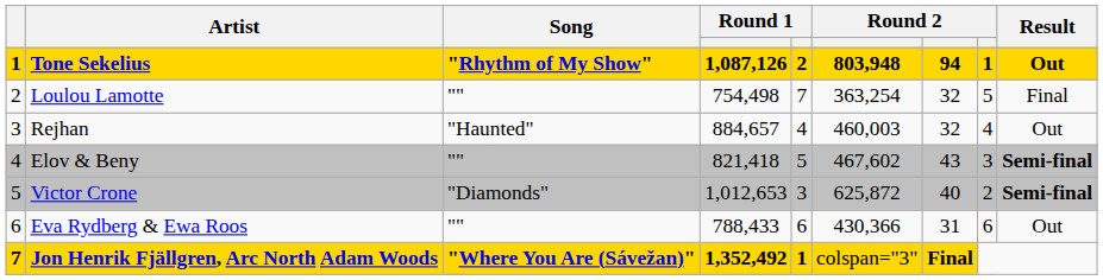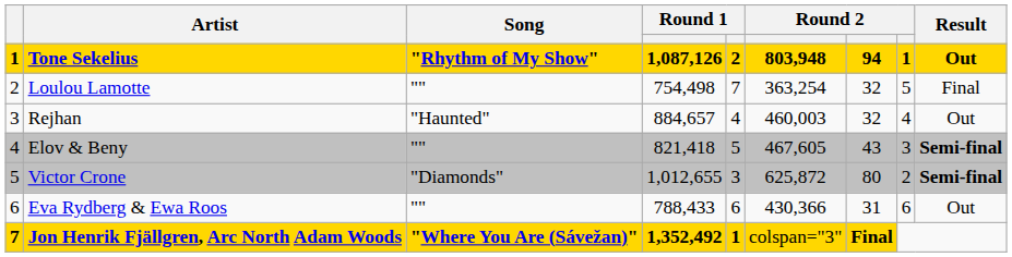 <table class="sortable wikitable" style="margin: 1em auto 1em auto; text-align:center;">
 <tr>
 <th rowspan="2"></th>
 <th rowspan="2">Artist</th>
 <th rowspan="2">Song</th>
 <th colspan="2">Round 1</th>
 <th colspan="3">Round 2</th>
 <th rowspan="2" class="unsortable">Result</th>
 </tr>
 <tr>
 <th></th>
 <th></th>
 <th></th>
 <th></th>
 <th></th>
 </tr>
 <tr style="background:gold;font-weight:bold;">
 <td>1</td>
 <td align="left"><a href='#'>Tone Sekelius</a></td>
 <td align="left">"<a href='#'>Rhythm of My Show</a>"</td>
 <td>1,087,126</td>
 <td>2</td>
 <td>803,948</td>
 <td>94</td>
 <td>1</td>
 <td>Out</td>
 </tr>
 <tr>
 <td>2</td>
 <td align="left"><a href='#'>Loulou Lamotte</a></td>
 <td align="left">""</td>
 <td>754,498</td>
 <td>7</td>
 <td>363,254</td>
 <td>32</td>
 <td>5</td>
 <td>Final</td>
 </tr>
 <tr>
 <td>3</td>
 <td align="left">Rejhan</td>
 <td align="left">"Haunted"</td>
 <td>884,657</td>
 <td>4</td>
 <td>460,003</td>
 <td>32</td>
 <td>4</td>
 <td>Out</td>
 </tr>
 <tr style="background:silver;">
 <td>4</td>
 <td align="left">Elov & Beny</td>
 <td align="left">""</td>
 <td>821,418</td>
 <td>5</td>
-<td>467,602</td>
+<td>467,605</td>
 <td>43</td>
 <td>3</td>
 <td><strong>Semi‑final</strong></td>
 </tr>
 <tr style="background:silver;">
 <td>5</td>
 <td align="left"><a href='#'>Victor Crone</a></td>
 <td align="left">"Diamonds"</td>
-<td>1,012,653</td>
+<td>1,012,655</td>
 <td>3</td>
 <td>625,872</td>
-<td>40</td>
+<td>80</td>
 <td>2</td>
 <td><strong>Semi‑final</strong></td>
 </tr>
 <tr>
 <td>6</td>
 <td align="left"><a href='#'>Eva Rydberg</a> & <a href='#'>Ewa Roos</a></td>
 <td align="left">""</td>
 <td>788,433</td>
 <td>6</td>
 <td>430,366</td>
 <td>31</td>
 <td>6</td>
 <td>Out</td>
 </tr>
 <tr style="background:gold;">
 <td><strong>7</strong></td>
 <td align="left"><strong><a href='#'>Jon Henrik Fjällgren</a>, <a href='#'>Arc North</a>  <a href='#'>Adam Woods</a></strong></td>
 <td align="left"><strong>"<a href='#'>Where You Are (<span>Sávežan</span>)</a>"</strong></td>
 <td><strong>1,352,492</strong></td>
 <td><strong>1</strong></td>
 <td>colspan="3" </td>
 <td><strong>Final</strong></td>
 </tr>
 </table>
